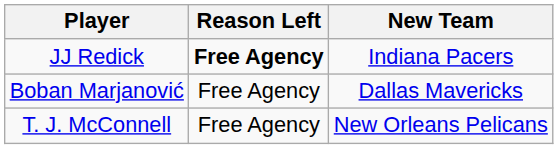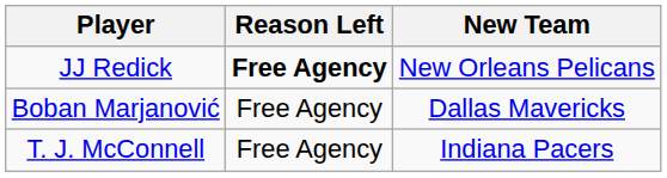 <table class="wikitable sortable sortable" style="text-align:center;">
 <tr>
 <th>Player</th>
 <th>Reason Left</th>
 <th>New Team</th>
 </tr>
 <tr>
 <td><a href='#'>JJ Redick</a></td>
 <td><strong>Free Agency</strong></td>
-<td><a href='#'>Indiana Pacers</a></td>
+<td><a href='#'>New Orleans Pelicans</a></td>
 </tr>
 <tr>
 <td><a href='#'>Boban Marjanović</a></td>
 <td>Free Agency</td>
 <td><a href='#'>Dallas Mavericks</a></td>
 </tr>
 <tr>
 <td><a href='#'>T. J. McConnell</a></td>
 <td>Free Agency</td>
-<td><a href='#'>New Orleans Pelicans</a></td>
+<td><a href='#'>Indiana Pacers</a></td>
 </tr>
 </table>
